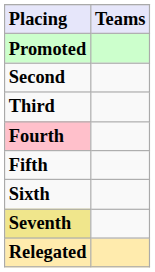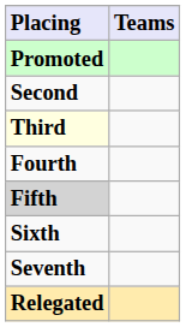 <table class=wikitable>
 <tr>
 </tr>
 <tr style="background: #E6E6FA;">
 <td><strong>Placing</strong></td>
 <td colspan="2" style="text-align:center"><strong>Teams</strong></td>
 </tr>
 <tr style="background: #ccffcc;">
 <td><strong>Promoted</strong></td>
 <td></td>
 </tr>
 <tr>
 <td><strong>Second</strong></td>
 <td></td>
 </tr>
 <tr>
-<td><strong>Third</strong></td>
+<td style="background: lightyellow;"><strong>Third</strong></td>
 <td></td>
 </tr>
 <tr>
-<td style="background: pink;"><strong>Fourth</strong></td>
+<td><strong>Fourth</strong></td>
 <td></td>
 </tr>
 <tr>
-<td><strong>Fifth</strong></td>
+<td style="background: lightgrey;"><strong>Fifth</strong></td>
 <td></td>
 </tr>
 <tr>
 <td><strong>Sixth</strong></td>
 <td></td>
 </tr>
 <tr>
-<td style="background: khaki;"><strong>Seventh</strong></td>
+<td><strong>Seventh</strong></td>
 <td></td>
 </tr>
 <tr style="background: #ffebad;">
 <td><strong>Relegated</strong></td>
 <td></td>
 </tr>
 </table>
